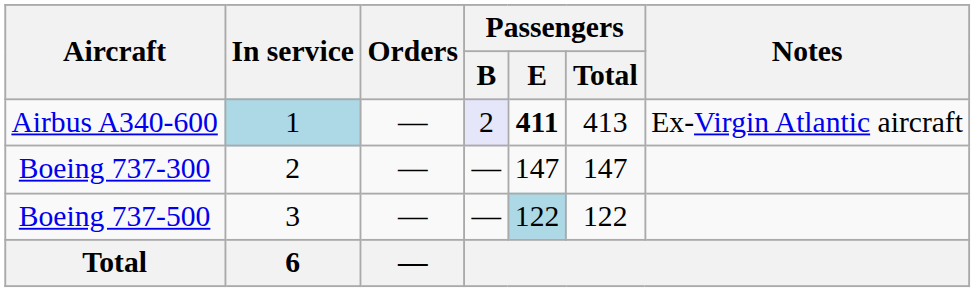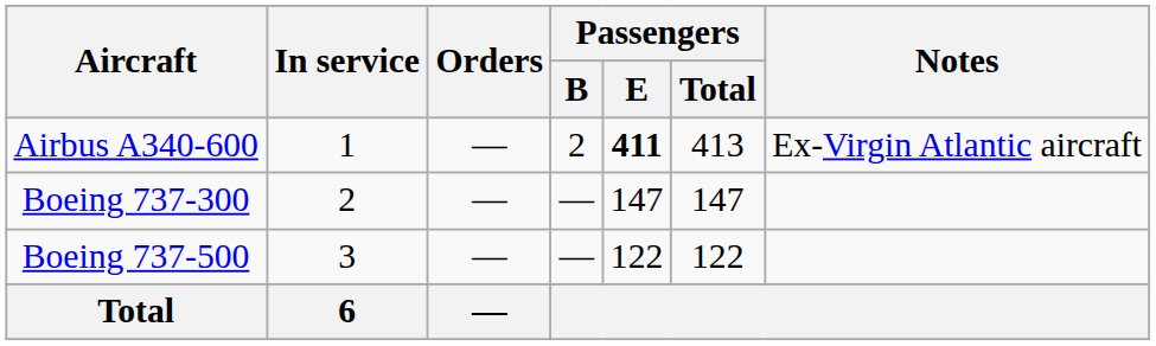 <table class="wikitable" style="border-collapse:collapse;text-align:center;margin:1em auto;">
 <tr>
 <th rowspan="2">Aircraft</th>
 <th rowspan="2">In service</th>
 <th rowspan="2">Orders</th>
 <th colspan="3">Passengers</th>
 <th rowspan="2">Notes</th>
 </tr>
 <tr>
 <th><abbr>B</abbr></th>
 <th><abbr>E</abbr></th>
 <th>Total</th>
 </tr>
 <tr>
 <td><a href='#'>Airbus A340-600</a></td>
-<td style="background: lightblue;">1</td>
+<td>1</td>
 <td>—</td>
-<td style="background: lavender;">2</td>
+<td>2</td>
 <td><strong>411</strong></td>
 <td>413</td>
 <td>Ex-<a href='#'>Virgin Atlantic</a> aircraft</td>
 </tr>
 <tr>
 <td><a href='#'>Boeing 737-300</a></td>
 <td>2</td>
 <td>—</td>
 <td>—</td>
 <td>147</td>
 <td>147</td>
 <td></td>
 </tr>
 <tr>
 <td><a href='#'>Boeing 737-500</a></td>
 <td>3</td>
 <td>—</td>
 <td>—</td>
-<td style="background: lightblue;">122</td>
+<td>122</td>
 <td>122</td>
 <td></td>
 </tr>
 <tr>
 <th>Total</th>
 <th>6</th>
 <th>—</th>
 <th colspan="5"></th>
 </tr>
 </table>
